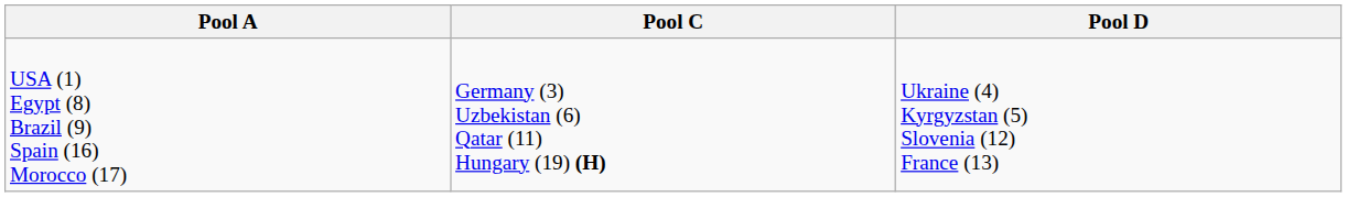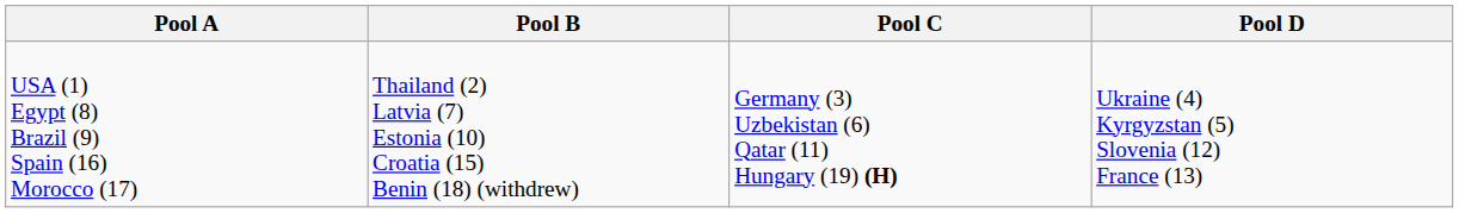 <table class="wikitable" width=80%>
 <tr>
 <th width=25%><strong>Pool A</strong></th>
+<th width=25%><strong>Pool B</strong></th>
 <th width=25%><strong>Pool C</strong></th>
 <th width=25%><strong>Pool D</strong></th>
 </tr>
 <tr>
 <td><br> <a href='#'>USA</a> (1) <br>  <a href='#'>Egypt</a> (8) <br>  <a href='#'>Brazil</a> (9) <br>  <a href='#'>Spain</a> (16) <br>  <a href='#'>Morocco</a> (17) <br></td>
+<td><br> <a href='#'>Thailand</a> (2) <br>  <a href='#'>Latvia</a> (7)<br>   <a href='#'>Estonia</a> (10)<br>  <a href='#'>Croatia</a> (15) <br>  <a href='#'>Benin</a>  (18) (withdrew) <br></td>
 <td><br> <a href='#'>Germany</a> (3) <br>  <a href='#'>Uzbekistan</a> (6) <br>   <a href='#'>Qatar</a> (11) <br>   <a href='#'>Hungary</a> (19) <strong>(H)</strong> <br></td>
 <td><br> <a href='#'>Ukraine</a> (4) <br>  <a href='#'>Kyrgyzstan</a> (5) <br>  <a href='#'>Slovenia</a>  (12) <br>  <a href='#'>France</a> (13) <br></td>
 </tr>
 </table>
